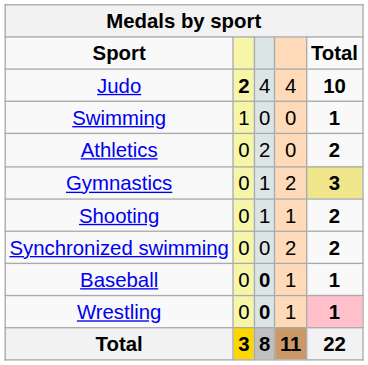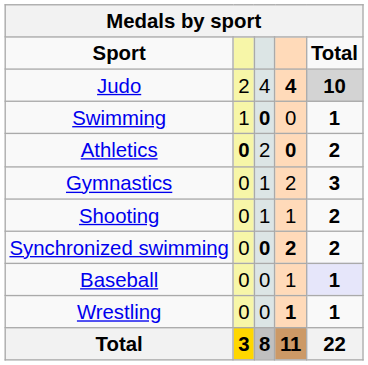 <table class=wikitable style="font-size:95%; float:right">
 <tr bgcolor=efefef>
 <th colspan=7><strong>Medals by sport</strong></th>
 </tr>
 <tr align=center>
 <td><strong>Sport</strong></td>
 <td bgcolor=f7f6a8></td>
 <td bgcolor=dce5e5></td>
 <td bgcolor=ffdab9></td>
 <td><strong>Total</strong></td>
 </tr>
 <tr align=center>
 <td><a href='#'>Judo</a></td>
-<td style="background:#F7F6A8;"><strong>2</strong></td>
+<td style="background:#F7F6A8;">2</td>
 <td style="background:#DCE5E5;">4</td>
-<td style="background:#FFDAB9;">4</td>
-<td><strong>10</strong></td>
+<td style="background:#FFDAB9;"><strong>4</strong></td>
+<td style="background: lightgrey;"><strong>10</strong></td>
 </tr>
 <tr align=center>
 <td><a href='#'>Swimming</a></td>
 <td style="background:#F7F6A8;">1</td>
-<td style="background:#DCE5E5;">0</td>
+<td style="background:#DCE5E5;"><strong>0</strong></td>
 <td style="background:#FFDAB9;">0</td>
 <td><strong>1</strong></td>
 </tr>
 <tr align=center>
 <td><a href='#'>Athletics</a></td>
-<td style="background:#F7F6A8;">0</td>
+<td style="background:#F7F6A8;"><strong>0</strong></td>
 <td style="background:#DCE5E5;">2</td>
-<td style="background:#FFDAB9;">0</td>
+<td style="background:#FFDAB9;"><strong>0</strong></td>
 <td><strong>2</strong></td>
 </tr>
 <tr align=center>
 <td><a href='#'>Gymnastics</a></td>
 <td style="background:#F7F6A8;">0</td>
 <td style="background:#DCE5E5;">1</td>
 <td style="background:#FFDAB9;">2</td>
-<td style="background: khaki;"><strong>3</strong></td>
+<td><strong>3</strong></td>
 </tr>
 <tr align=center>
 <td><a href='#'>Shooting</a></td>
 <td style="background:#F7F6A8;">0</td>
 <td style="background:#DCE5E5;">1</td>
 <td style="background:#FFDAB9;">1</td>
 <td><strong>2</strong></td>
 </tr>
 <tr align=center>
 <td><a href='#'>Synchronized swimming</a></td>
 <td style="background:#F7F6A8;">0</td>
-<td style="background:#DCE5E5;">0</td>
-<td style="background:#FFDAB9;">2</td>
+<td style="background:#DCE5E5;"><strong>0</strong></td>
+<td style="background:#FFDAB9;"><strong>2</strong></td>
 <td><strong>2</strong></td>
 </tr>
 <tr align=center>
 <td><a href='#'>Baseball</a></td>
 <td style="background:#F7F6A8;">0</td>
-<td style="background:#DCE5E5;"><strong>0</strong></td>
+<td style="background:#DCE5E5;">0</td>
 <td style="background:#FFDAB9;">1</td>
-<td><strong>1</strong></td>
+<td style="background: lavender;"><strong>1</strong></td>
 </tr>
 <tr align=center>
 <td><a href='#'>Wrestling</a></td>
 <td style="background:#F7F6A8;">0</td>
-<td style="background:#DCE5E5;"><strong>0</strong></td>
-<td style="background:#FFDAB9;">1</td>
-<td style="background: pink;"><strong>1</strong></td>
+<td style="background:#DCE5E5;">0</td>
+<td style="background:#FFDAB9;"><strong>1</strong></td>
+<td><strong>1</strong></td>
 </tr>
 <tr align=center>
 <th>Total</th>
 <th style="background:gold">3</th>
 <th style="background:silver">8</th>
 <th style="background:#c96">11</th>
 <th>22</th>
 </tr>
 </table>
